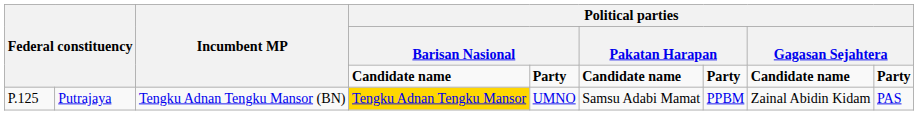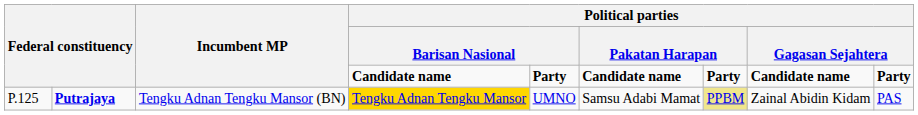 <table class="wikitable mw-collapsible mw-collapsed">
 <tr>
 <th rowspan="3" colspan="2">Federal constituency</th>
 <th rowspan="3">Incumbent MP</th>
 <th colspan="6">Political parties</th>
 </tr>
 <tr>
 <th colspan="2"><br><a href='#'>Barisan Nasional</a></th>
 <th colspan="2"><br><a href='#'>Pakatan Harapan</a></th>
 <th colspan="2"><br><a href='#'>Gagasan Sejahtera</a></th>
 </tr>
 <tr>
 <td><strong>Candidate name</strong></td>
 <td><strong>Party</strong></td>
 <td><strong>Candidate name</strong></td>
 <td><strong>Party</strong></td>
 <td><strong>Candidate name</strong></td>
 <td><strong>Party</strong></td>
 </tr>
 <tr>
 <td>P.125</td>
-<td><a href='#'>Putrajaya</a></td>
+<td><strong><a href='#'>Putrajaya</a></strong></td>
 <td><a href='#'>Tengku Adnan Tengku Mansor</a> (BN)</td>
 <td style="background: gold;"><a href='#'>Tengku Adnan Tengku Mansor</a></td>
 <td><a href='#'>UMNO</a></td>
 <td>Samsu Adabi Mamat</td>
-<td><a href='#'>PPBM</a></td>
+<td style="background: khaki;"><a href='#'>PPBM</a></td>
 <td>Zainal Abidin Kidam</td>
 <td><a href='#'>PAS</a></td>
 </tr>
 </table>
